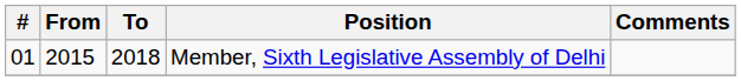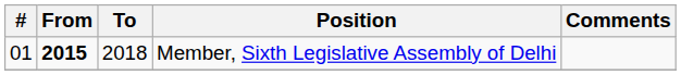 <table class="wikitable sortable">
 <tr>
 <th>#</th>
 <th>From</th>
 <th>To</th>
 <th>Position</th>
 <th>Comments</th>
 </tr>
 <tr>
 <td>01</td>
-<td>2015</td>
+<td><strong>2015</strong></td>
 <td>2018</td>
 <td>Member, <a href='#'>Sixth Legislative Assembly of Delhi</a></td>
 <td></td>
 </tr>
 <tr>
 </tr>
 </table>
